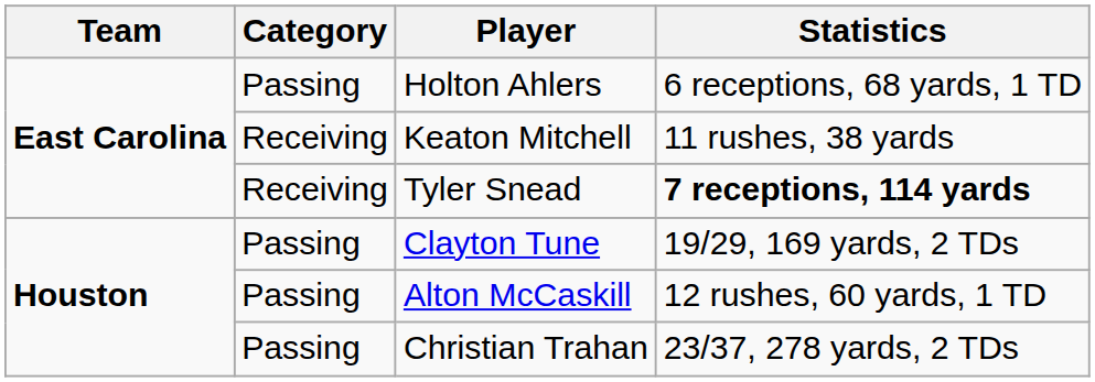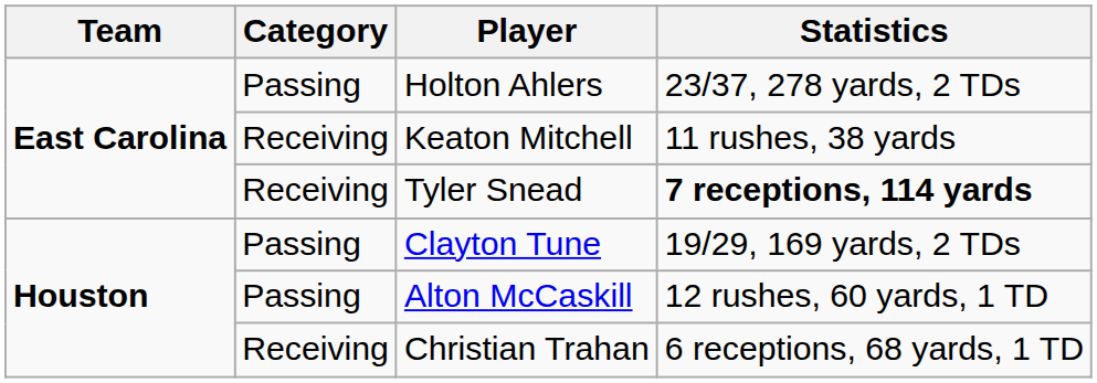 <table class="wikitable" style="float: left;">
 <tr>
 <th>Team</th>
 <th>Category</th>
 <th>Player</th>
 <th>Statistics</th>
 </tr>
 <tr>
 <td rowspan=3><strong>East Carolina</strong></td>
 <td>Passing</td>
 <td>Holton Ahlers</td>
-<td>6 receptions, 68 yards, 1 TD</td>
+<td>23/37, 278 yards, 2 TDs</td>
 </tr>
 <tr>
 <td>Receiving</td>
 <td>Keaton Mitchell</td>
 <td>11 rushes, 38 yards</td>
 </tr>
 <tr>
 <td>Receiving</td>
 <td>Tyler Snead</td>
 <td><strong>7 receptions, 114 yards</strong></td>
 </tr>
 <tr>
 <td rowspan=3><strong>Houston</strong></td>
 <td>Passing</td>
 <td><a href='#'>Clayton Tune</a></td>
 <td>19/29, 169 yards, 2 TDs</td>
 </tr>
 <tr>
 <td>Passing</td>
 <td><a href='#'>Alton McCaskill</a></td>
 <td>12 rushes, 60 yards, 1 TD</td>
 </tr>
 <tr>
-<td>Passing</td>
+<td>Receiving</td>
 <td>Christian Trahan</td>
-<td>23/37, 278 yards, 2 TDs</td>
+<td>6 receptions, 68 yards, 1 TD</td>
 </tr>
 </table>
